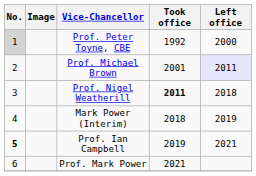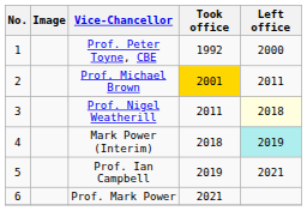 <table class="wikitable" style="text-align:center; width:40%">
 <tr>
 <th>No.</th>
 <th>Image</th>
 <th><a href='#'>Vice-Chancellor</a></th>
 <th>Took office</th>
 <th>Left office</th>
 </tr>
 <tr>
-<td style="background: lightgrey;">1</td>
+<td>1</td>
 <td></td>
 <td><a href='#'>Prof. Peter Toyne</a>, <a href='#'>CBE</a></td>
 <td>1992</td>
 <td>2000</td>
 </tr>
 <tr>
 <td>2</td>
 <td></td>
 <td><a href='#'>Prof. Michael Brown</a></td>
-<td>2001</td>
-<td style="background: lavender;">2011</td>
+<td style="background: gold;">2001</td>
+<td>2011</td>
 </tr>
 <tr>
 <td>3</td>
 <td></td>
 <td><a href='#'>Prof. Nigel Weatherill</a></td>
-<td><strong>2011</strong></td>
-<td>2018</td>
+<td>2011</td>
+<td style="background: lightyellow;">2018</td>
 </tr>
 <tr>
 <td>4</td>
 <td></td>
 <td>Mark Power (Interim)</td>
 <td>2018</td>
-<td>2019</td>
+<td style="background: paleturquoise;">2019</td>
 </tr>
 <tr>
-<td><strong>5</strong></td>
+<td>5</td>
 <td></td>
 <td>Prof. Ian Campbell</td>
 <td>2019</td>
 <td>2021</td>
 </tr>
 <tr>
 <td>6</td>
 <td></td>
 <td>Prof. Mark Power</td>
 <td>2021</td>
 <td></td>
 </tr>
 <tr>
 </tr>
 </table>
